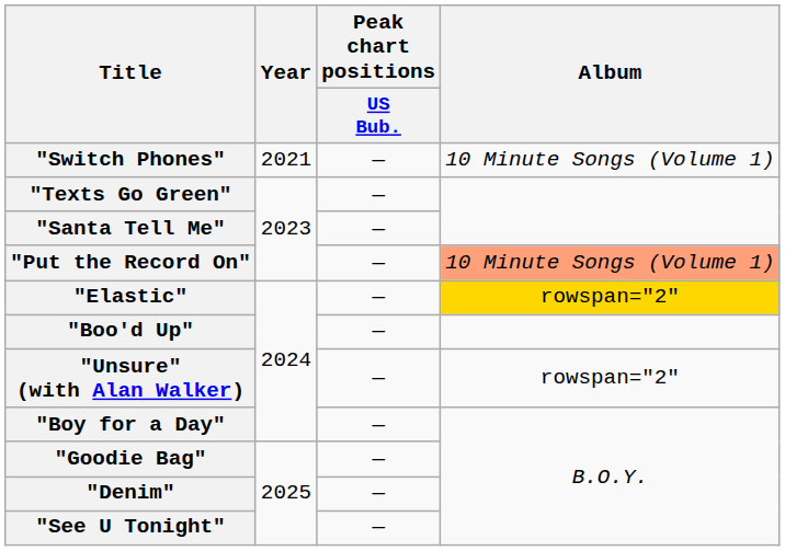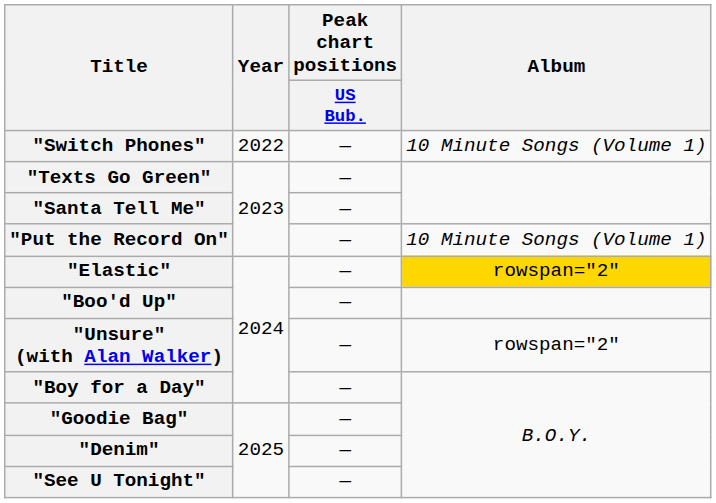 <table class="wikitable plainrowheaders" style="text-align:center">
 <tr>
 <th scope="col" rowspan="2">Title</th>
 <th scope="col" rowspan="2">Year</th>
 <th scope="col" colspan="1">Peak chart positions</th>
 <th scope="col" rowspan="2">Album</th>
 </tr>
 <tr>
 <th scope="col" style="width:3em;font-size:90%;"><a href='#'>US<br>Bub.</a><br></th>
 </tr>
 <tr>
 <th scope="row">"Switch Phones"</th>
-<td>2021</td>
+<td>2022</td>
 <td>—</td>
 <td><em>10 Minute Songs (Volume 1)</em></td>
 </tr>
 <tr>
 <th scope="row">"Texts Go Green"</th>
 <td rowspan="3">2023</td>
 <td>—</td>
 </tr>
 <tr>
 <th scope="row">"Santa Tell Me"</th>
 <td>—</td>
 </tr>
 <tr>
 <th scope="row">"Put the Record On"</th>
 <td>—</td>
-<td style="background: lightsalmon;"><em>10 Minute Songs (Volume 1)</em></td>
+<td><em>10 Minute Songs (Volume 1)</em></td>
 </tr>
 <tr>
 <th scope="row">"Elastic"</th>
 <td rowspan="4">2024</td>
 <td>—</td>
 <td style="background: gold;">rowspan="2" </td>
 </tr>
 <tr>
 <th scope="row">"Boo'd Up"</th>
 <td>—</td>
 </tr>
 <tr>
 <th scope="row">"Unsure"<br><span>(with <a href='#'>Alan Walker</a>)</span></th>
 <td>—</td>
 <td>rowspan="2" </td>
 </tr>
 <tr>
 <th scope="row">"Boy for a Day"</th>
 <td>—</td>
 <td rowspan="4"><em>B.O.Y.</em></td>
 </tr>
 <tr>
 <th scope="row">"Goodie Bag"</th>
 <td rowspan="3">2025</td>
 <td>—</td>
 </tr>
 <tr>
 <th scope="row">"Denim"</th>
 <td>—</td>
 </tr>
 <tr>
 <th scope="row">"See U Tonight"<br></th>
 <td>—</td>
 </tr>
 </table>
